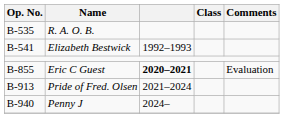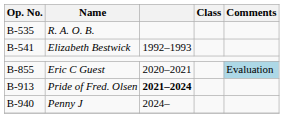 <table class="wikitable">
 <tr>
 <th>Op. No.</th>
 <th>Name</th>
 <th></th>
 <th>Class</th>
 <th>Comments</th>
 </tr>
 <tr>
 <td>B-535</td>
 <td><em>R. A. O. B.</em></td>
 <td></td>
 <td></td>
 <td></td>
 </tr>
 <tr>
 <td>B-541</td>
 <td><em>Elizabeth Bestwick</em></td>
 <td>1992–1993</td>
 <td></td>
 <td></td>
 </tr>
 <tr>
 <td colspan=6 style=" text-align: center;"></td>
 </tr>
 <tr>
 <td>B-855</td>
 <td><em>Eric C Guest</em></td>
-<td><strong>2020–2021</strong></td>
+<td>2020–2021</td>
 <td></td>
-<td>Evaluation</td>
+<td style="background: lightblue;">Evaluation</td>
 </tr>
 <tr>
 <td>B-913</td>
 <td><em>Pride of Fred. Olsen</em></td>
-<td>2021–2024</td>
+<td><strong>2021–2024</strong></td>
 <td></td>
 <td></td>
 </tr>
 <tr>
 <td>B-940</td>
 <td><em>Penny J</em></td>
 <td>2024–</td>
 <td></td>
 <td></td>
 </tr>
 <tr>
 </tr>
 </table>
